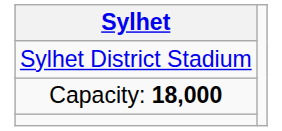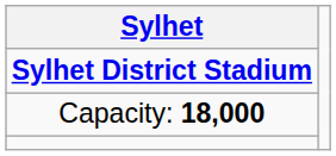 <table class="wikitable" style="margin:1em auto; text-align:center">
 <tr>
 <th><a href='#'>Sylhet</a></th>
 <td rowspan="4"></td>
 </tr>
 <tr>
-<td><a href='#'>Sylhet District Stadium</a></td>
+<td><strong><a href='#'>Sylhet District Stadium</a></strong></td>
 </tr>
 <tr>
 <td>Capacity: <strong>18,000</strong></td>
 </tr>
 <tr>
 <td></td>
 </tr>
 </table>
